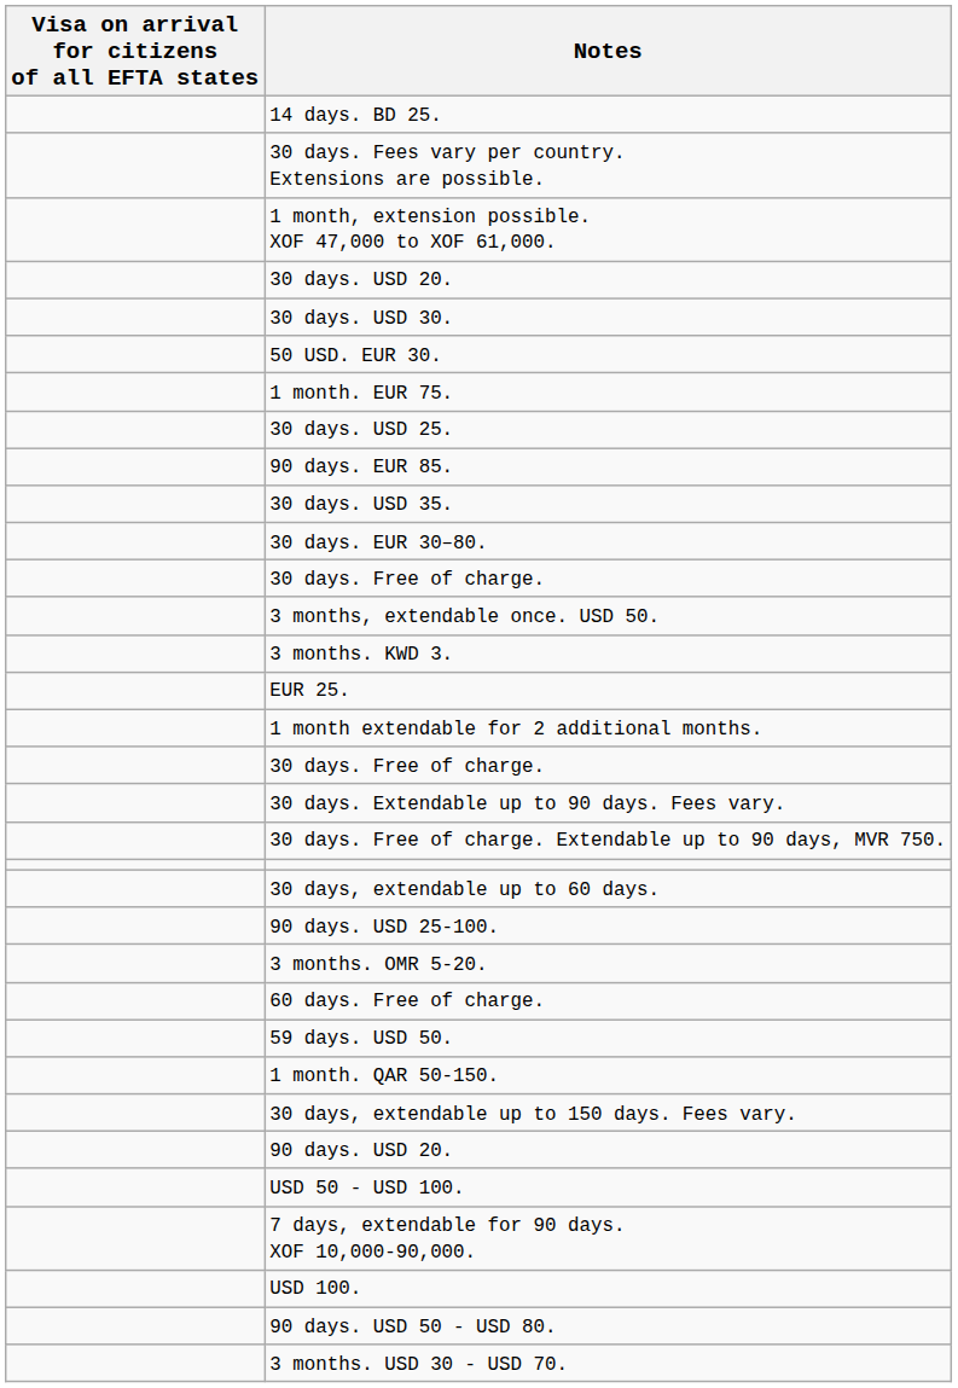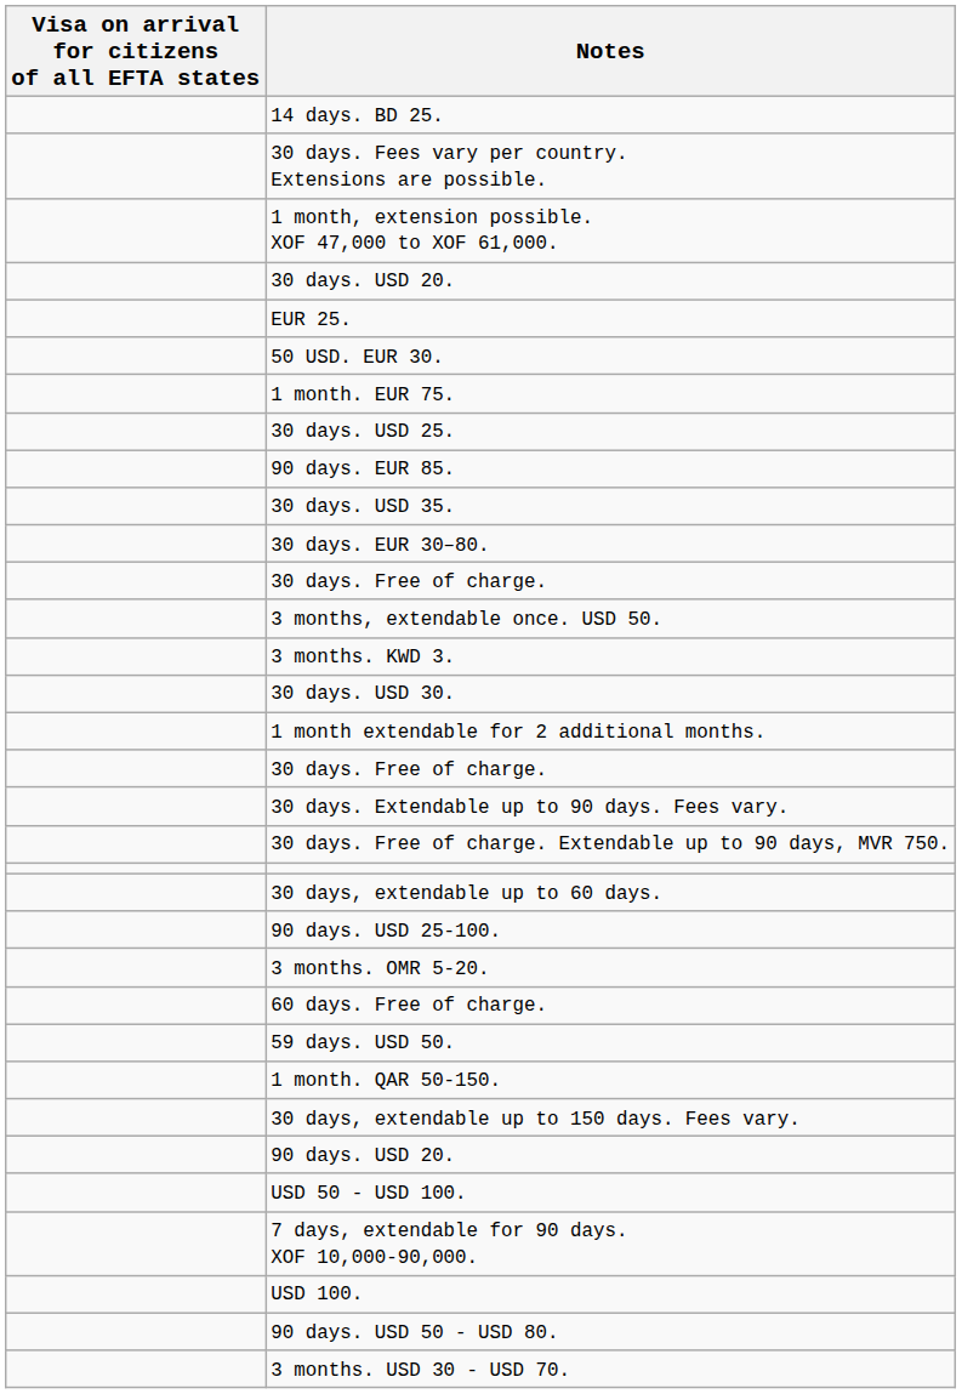 <table class="wikitable">
 <tr>
 <th>Visa on arrival<br>for citizens<br>of all EFTA states</th>
 <th>Notes</th>
 </tr>
 <tr>
 <td></td>
 <td><small>14 days. BD 25.</small></td>
 </tr>
 <tr>
 <td></td>
 <td><small>30 days. Fees vary per country.<br>Extensions are possible.</small></td>
 </tr>
 <tr>
 <td></td>
 <td><small>1 month, extension possible.<br>XOF 47,000 to XOF 61,000.</small></td>
 </tr>
 <tr>
 <td></td>
 <td><small>30 days. USD 20.</small></td>
 </tr>
 <tr>
 <td></td>
-<td><small>30 days. USD 30.</small></td>
+<td><small>EUR 25.</small></td>
 </tr>
 <tr>
 <td></td>
 <td><small>50 USD. EUR 30.</small></td>
 </tr>
 <tr>
 <td></td>
 <td><small>1 month. EUR 75.</small></td>
 </tr>
 <tr>
 <td></td>
 <td><small>30 days. USD 25.</small></td>
 </tr>
 <tr>
 <td></td>
 <td><small>90 days. EUR 85.</small></td>
 </tr>
 <tr>
 <td></td>
 <td><small>30 days. USD 35.</small></td>
 </tr>
 <tr>
 <td></td>
 <td><small>30 days. EUR 30–80.</small></td>
 </tr>
 <tr>
 <td></td>
 <td><small>30 days. Free of charge.</small></td>
 </tr>
 <tr>
 <td></td>
 <td><small>3 months, extendable once. USD 50.</small></td>
 </tr>
 <tr>
 <td></td>
 <td><small>3 months. KWD 3.</small></td>
 </tr>
 <tr>
 <td></td>
-<td><small>EUR 25.</small></td>
+<td><small>30 days. USD 30.</small></td>
 </tr>
 <tr>
 <td></td>
 <td><small>1 month extendable for 2 additional months.</small></td>
 </tr>
 <tr>
 <td></td>
 <td><small>30 days. Free of charge.</small></td>
 </tr>
 <tr>
 <td></td>
 <td><small>30 days. Extendable up to 90 days. Fees vary.</small></td>
 </tr>
 <tr>
 <td></td>
 <td><small>30 days. Free of charge. Extendable up to 90 days, MVR 750.</small></td>
 </tr>
 <tr>
 <td></td>
 <td></td>
 </tr>
 <tr>
 <td></td>
 <td><small>30 days, extendable up to 60 days.</small></td>
 </tr>
 <tr>
 <td></td>
 <td><small>90 days. USD 25-100.</small></td>
 </tr>
 <tr>
 <td></td>
 <td><small>3 months. OMR 5-20.</small></td>
 </tr>
 <tr>
 <td></td>
 <td><small>60 days. Free of charge.</small></td>
 </tr>
 <tr>
 <td></td>
 <td><small>59 days. USD 50.</small></td>
 </tr>
 <tr>
 <td></td>
 <td><small>1 month. QAR 50-150.</small></td>
 </tr>
 <tr>
 <td></td>
 <td><small>30 days, extendable up to 150 days. Fees vary.</small></td>
 </tr>
 <tr>
 <td></td>
 <td><small>90 days. USD 20.</small></td>
 </tr>
 <tr>
 <td></td>
 <td><small>USD 50 - USD 100.</small></td>
 </tr>
 <tr>
 <td></td>
 <td><small>7 days, extendable for 90 days.<br>XOF 10,000-90,000.</small></td>
 </tr>
 <tr>
 <td></td>
 <td><small>USD 100.</small></td>
 </tr>
 <tr>
 <td></td>
 <td><small>90 days. USD 50 - USD 80.</small></td>
 </tr>
 <tr>
 <td></td>
 <td><small>3 months. USD 30 - USD 70.</small></td>
 </tr>
 </table>
